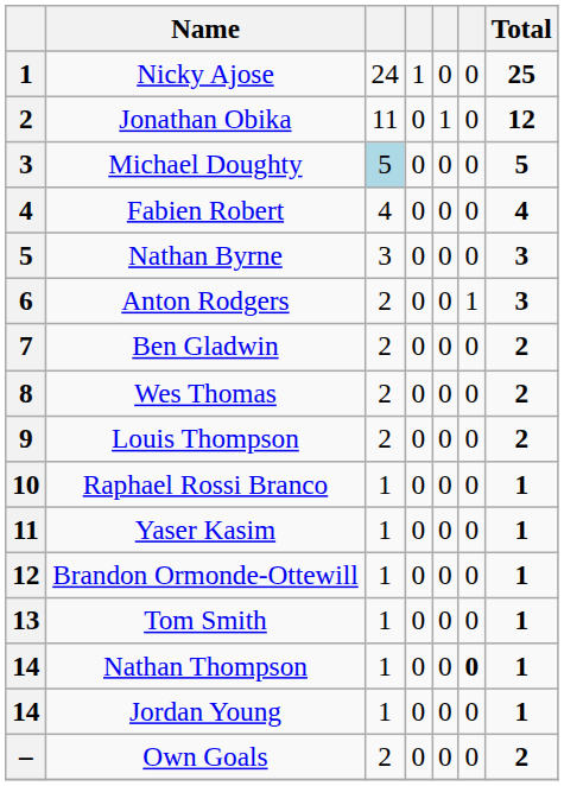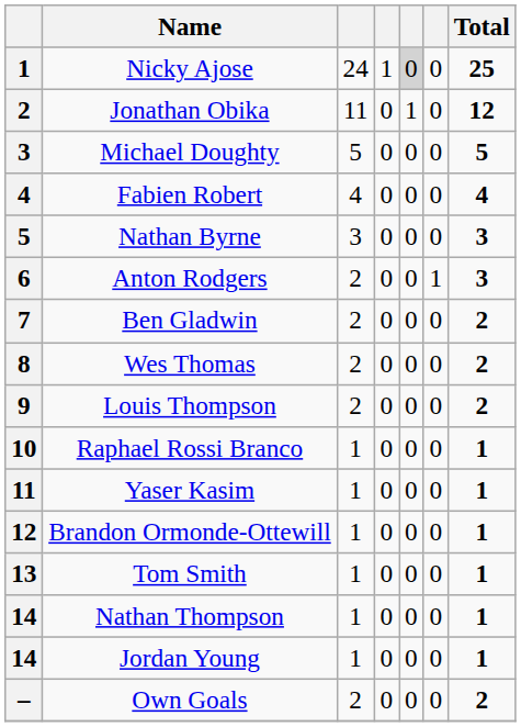 <table class="wikitable sortable" style="font-size: 95%; text-align: center;">
 <tr>
 <th width=15></th>
 <th>Name</th>
 <th></th>
 <th></th>
 <th></th>
 <th></th>
 <th>Total</th>
 </tr>
 <tr>
 <th>1</th>
 <td><a href='#'>Nicky Ajose</a></td>
 <td>24</td>
 <td>1</td>
-<td>0</td>
+<td style="background: lightgrey;">0</td>
 <td>0</td>
 <td><strong>25</strong></td>
 </tr>
 <tr>
 <th>2</th>
 <td><a href='#'>Jonathan Obika</a></td>
 <td>11</td>
 <td>0</td>
 <td>1</td>
 <td>0</td>
 <td><strong>12</strong></td>
 </tr>
 <tr>
 <th>3</th>
 <td><a href='#'>Michael Doughty</a></td>
-<td style="background: lightblue;">5</td>
+<td>5</td>
 <td>0</td>
 <td>0</td>
 <td>0</td>
 <td><strong>5</strong></td>
 </tr>
 <tr>
 <th>4</th>
 <td><a href='#'>Fabien Robert</a></td>
 <td>4</td>
 <td>0</td>
 <td>0</td>
 <td>0</td>
 <td><strong>4</strong></td>
 </tr>
 <tr>
 <th>5</th>
 <td><a href='#'>Nathan Byrne</a></td>
 <td>3</td>
 <td>0</td>
 <td>0</td>
 <td>0</td>
 <td><strong>3</strong></td>
 </tr>
 <tr>
 <th>6</th>
 <td><a href='#'>Anton Rodgers</a></td>
 <td>2</td>
 <td>0</td>
 <td>0</td>
 <td>1</td>
 <td><strong>3</strong></td>
 </tr>
 <tr>
 <th>7</th>
 <td><a href='#'>Ben Gladwin</a></td>
 <td>2</td>
 <td>0</td>
 <td>0</td>
 <td>0</td>
 <td><strong>2</strong></td>
 </tr>
 <tr>
 <th>8</th>
 <td><a href='#'>Wes Thomas</a></td>
 <td>2</td>
 <td>0</td>
 <td>0</td>
 <td>0</td>
 <td><strong>2</strong></td>
 </tr>
 <tr>
 <th>9</th>
 <td><a href='#'>Louis Thompson</a></td>
 <td>2</td>
 <td>0</td>
 <td>0</td>
 <td>0</td>
 <td><strong>2</strong></td>
 </tr>
 <tr>
 <th>10</th>
 <td><a href='#'>Raphael Rossi Branco</a></td>
 <td>1</td>
 <td>0</td>
 <td>0</td>
 <td>0</td>
 <td><strong>1</strong></td>
 </tr>
 <tr>
 <th>11</th>
 <td><a href='#'>Yaser Kasim</a></td>
 <td>1</td>
 <td>0</td>
 <td>0</td>
 <td>0</td>
 <td><strong>1</strong></td>
 </tr>
 <tr>
 <th>12</th>
 <td><a href='#'>Brandon Ormonde-Ottewill</a></td>
 <td>1</td>
 <td>0</td>
 <td>0</td>
 <td>0</td>
 <td><strong>1</strong></td>
 </tr>
 <tr>
 <th>13</th>
 <td><a href='#'>Tom Smith</a></td>
 <td>1</td>
 <td>0</td>
 <td>0</td>
 <td>0</td>
 <td><strong>1</strong></td>
 </tr>
 <tr>
 <th>14</th>
 <td><a href='#'>Nathan Thompson</a></td>
 <td>1</td>
 <td>0</td>
 <td>0</td>
-<td><strong>0</strong></td>
+<td>0</td>
 <td><strong>1</strong></td>
 </tr>
 <tr>
 <th>14</th>
 <td><a href='#'>Jordan Young</a></td>
 <td>1</td>
 <td>0</td>
 <td>0</td>
 <td>0</td>
 <td><strong>1</strong></td>
 </tr>
 <tr>
 <th>–</th>
 <td><a href='#'>Own Goals</a></td>
 <td>2</td>
 <td>0</td>
 <td>0</td>
 <td>0</td>
 <td><strong>2</strong></td>
 </tr>
 <tr>
 </tr>
 </table>
